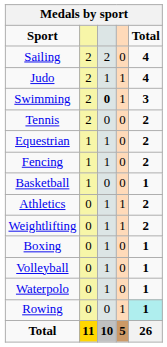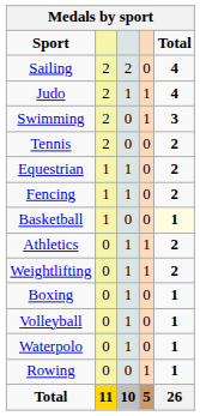 <table class="wikitable" style="font-size:85%; float:right;">
 <tr style="background:#efefef;">
 <th colspan=7><strong>Medals by sport</strong></th>
 </tr>
 <tr align=center>
 <td><strong>Sport</strong></td>
 <td bgcolor=#f7f6a8></td>
 <td bgcolor=#dce5e5></td>
 <td bgcolor=#ffdab9></td>
 <td><strong>Total</strong></td>
 </tr>
 <tr align=center>
 <td><a href='#'>Sailing</a></td>
 <td style="background:#F7F6A8;">2</td>
 <td style="background:#DCE5E5;">2</td>
 <td style="background:#FFDAB9;">0</td>
 <td><strong>4</strong></td>
 </tr>
 <tr align=center>
 <td><a href='#'>Judo</a></td>
 <td style="background:#F7F6A8;">2</td>
 <td style="background:#DCE5E5;">1</td>
 <td style="background:#FFDAB9;">1</td>
 <td><strong>4</strong></td>
 </tr>
 <tr align=center>
 <td><a href='#'>Swimming</a></td>
 <td style="background:#F7F6A8;">2</td>
-<td style="background:#DCE5E5;"><strong>0</strong></td>
+<td style="background:#DCE5E5;">0</td>
 <td style="background:#FFDAB9;">1</td>
 <td><strong>3</strong></td>
 </tr>
 <tr align=center>
 <td><a href='#'>Tennis</a></td>
 <td style="background:#F7F6A8;">2</td>
 <td style="background:#DCE5E5;">0</td>
 <td style="background:#FFDAB9;">0</td>
 <td><strong>2</strong></td>
 </tr>
 <tr align=center>
 <td><a href='#'>Equestrian</a></td>
 <td style="background:#F7F6A8;">1</td>
 <td style="background:#DCE5E5;">1</td>
 <td style="background:#FFDAB9;">0</td>
 <td><strong>2</strong></td>
 </tr>
 <tr align=center>
 <td><a href='#'>Fencing</a></td>
 <td style="background:#F7F6A8;">1</td>
 <td style="background:#DCE5E5;">1</td>
 <td style="background:#FFDAB9;">0</td>
 <td><strong>2</strong></td>
 </tr>
 <tr align=center>
 <td><a href='#'>Basketball</a></td>
 <td style="background:#F7F6A8;">1</td>
 <td style="background:#DCE5E5;">0</td>
 <td style="background:#FFDAB9;">0</td>
-<td><strong>1</strong></td>
+<td style="background: lightyellow;"><strong>1</strong></td>
 </tr>
 <tr align=center>
 <td><a href='#'>Athletics</a></td>
 <td style="background:#F7F6A8;">0</td>
 <td style="background:#DCE5E5;">1</td>
 <td style="background:#FFDAB9;">1</td>
 <td><strong>2</strong></td>
 </tr>
 <tr align=center>
 <td><a href='#'>Weightlifting</a></td>
 <td style="background:#F7F6A8;">0</td>
 <td style="background:#DCE5E5;">1</td>
 <td style="background:#FFDAB9;">1</td>
 <td><strong>2</strong></td>
 </tr>
 <tr align=center>
 <td><a href='#'>Boxing</a></td>
 <td style="background:#F7F6A8;">0</td>
 <td style="background:#DCE5E5;">1</td>
 <td style="background:#FFDAB9;">0</td>
 <td><strong>1</strong></td>
 </tr>
 <tr align=center>
 <td><a href='#'>Volleyball</a></td>
 <td style="background:#F7F6A8;">0</td>
 <td style="background:#DCE5E5;">1</td>
 <td style="background:#FFDAB9;">0</td>
 <td><strong>1</strong></td>
 </tr>
 <tr align=center>
 <td><a href='#'>Waterpolo</a></td>
 <td style="background:#F7F6A8;">0</td>
 <td style="background:#DCE5E5;">1</td>
 <td style="background:#FFDAB9;">0</td>
 <td><strong>1</strong></td>
 </tr>
 <tr align=center>
 <td><a href='#'>Rowing</a></td>
 <td style="background:#F7F6A8;">0</td>
 <td style="background:#DCE5E5;">0</td>
 <td style="background:#FFDAB9;">1</td>
-<td style="background: paleturquoise;"><strong>1</strong></td>
+<td><strong>1</strong></td>
 </tr>
 <tr align=center>
 <td><strong>Total</strong></td>
 <th style="background:gold;"><strong>11</strong></th>
 <th style="background:silver;"><strong>10</strong></th>
 <th style="background:#c96;"><strong>5</strong></th>
 <th><strong>26</strong></th>
 </tr>
 </table>
